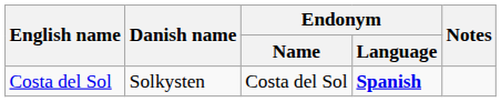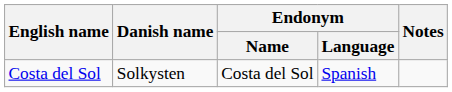 <table class="wikitable sortable mw-collapsible">
 <tr>
 <th rowspan="2">English name</th>
 <th rowspan="2">Danish name</th>
 <th colspan="2">Endonym</th>
 <th rowspan="2">Notes</th>
 </tr>
 <tr>
 <th>Name</th>
 <th>Language</th>
 </tr>
 <tr>
 <td><a href='#'>Costa del Sol</a></td>
 <td>Solkysten</td>
 <td>Costa del Sol</td>
-<td><strong><a href='#'>Spanish</a></strong></td>
+<td><a href='#'>Spanish</a></td>
 <td></td>
 </tr>
 </table>
